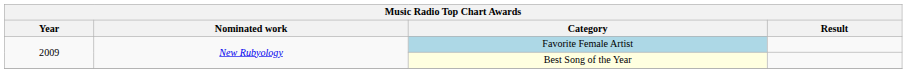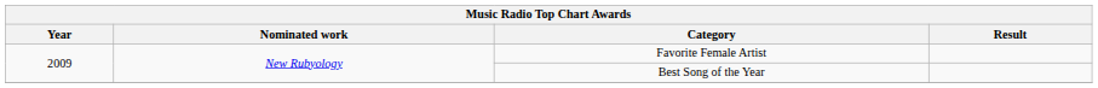 <table width="90%" class="wikitable">
 <tr>
 <th colspan="4" align="center">Music Radio Top Chart Awards</th>
 </tr>
 <tr>
 <th width="10%">Year</th>
 <th width="35%">Nominated work</th>
 <th width="40%">Category</th>
 <th width="15%">Result</th>
 </tr>
 <tr>
 <td align="center" rowspan=2>2009</td>
 <td align="center" rowspan=2><em><a href='#'>New Rubyology</a></em></td>
-<td align="center" style="background: lightblue;">Favorite Female Artist</td>
+<td align="center">Favorite Female Artist</td>
 <td></td>
 </tr>
 <tr>
-<td align="center" style="background: lightyellow;">Best Song of the Year</td>
+<td align="center">Best Song of the Year</td>
 <td></td>
 </tr>
 <tr>
 </tr>
 </table>
